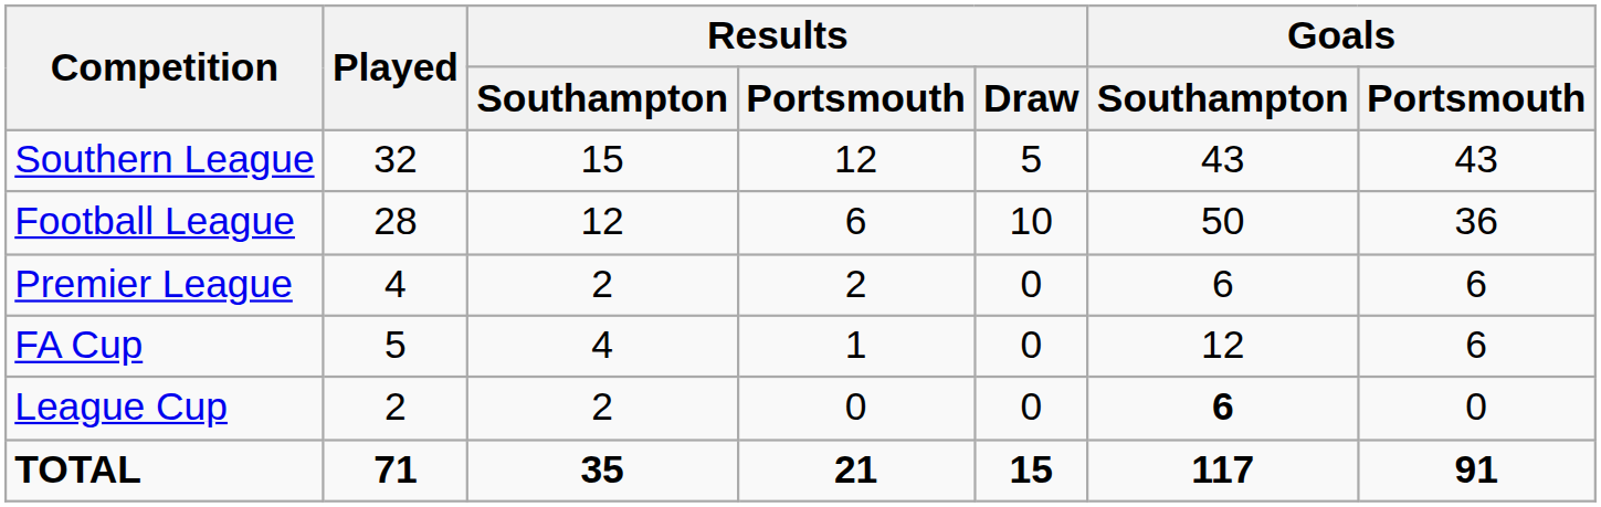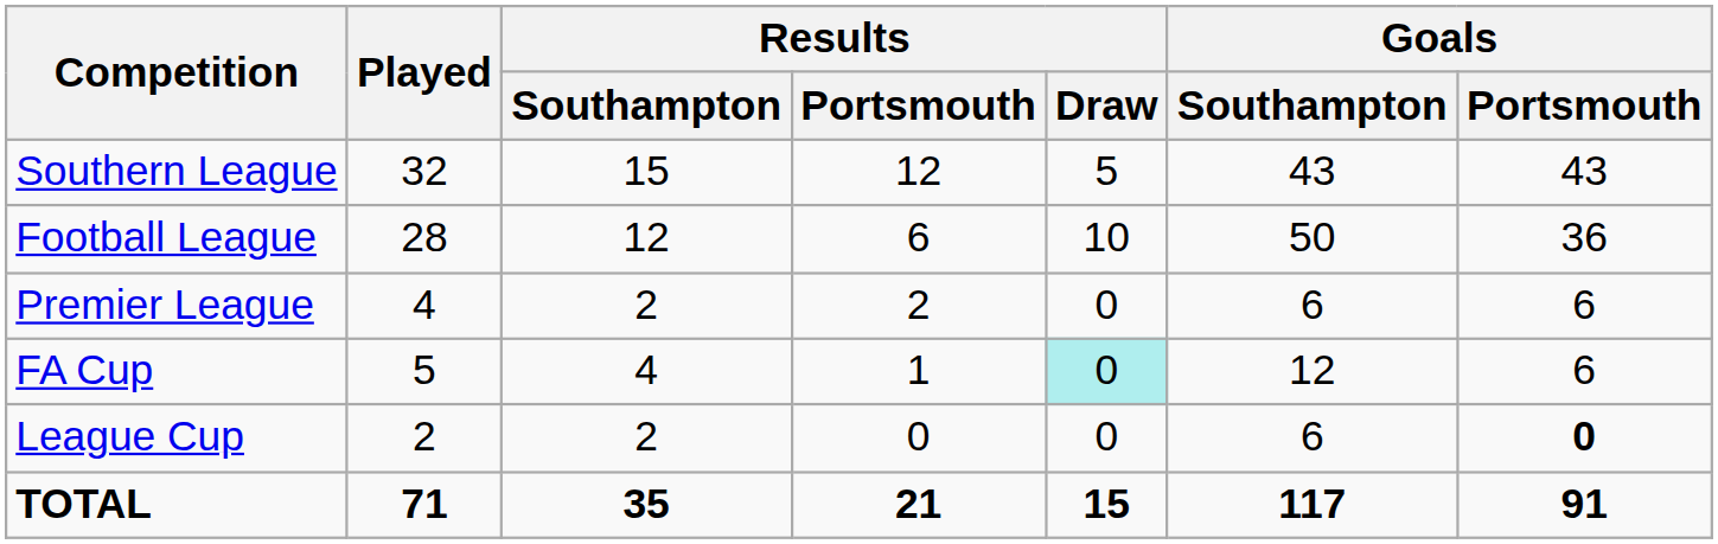 <table class="wikitable" style="text-align: center">
 <tr>
 <th rowspan="2">Competition</th>
 <th rowspan="2">Played</th>
 <th colspan="3">Results</th>
 <th colspan="2">Goals</th>
 </tr>
 <tr>
 <th>Southampton</th>
 <th>Portsmouth</th>
 <th>Draw</th>
 <th>Southampton</th>
 <th>Portsmouth</th>
 </tr>
 <tr>
 <td align=left><a href='#'>Southern League</a></td>
 <td>32</td>
 <td>15</td>
 <td>12</td>
 <td>5</td>
 <td>43</td>
 <td>43</td>
 </tr>
 <tr>
 <td align=left><a href='#'>Football League</a></td>
 <td>28</td>
 <td>12</td>
 <td>6</td>
 <td>10</td>
 <td>50</td>
 <td>36</td>
 </tr>
 <tr>
 <td align=left><a href='#'>Premier League</a></td>
 <td>4</td>
 <td>2</td>
 <td>2</td>
 <td>0</td>
 <td>6</td>
 <td>6</td>
 </tr>
 <tr>
 <td align=left><a href='#'>FA Cup</a></td>
 <td>5</td>
 <td>4</td>
 <td>1</td>
-<td>0</td>
+<td style="background: paleturquoise;">0</td>
 <td>12</td>
 <td>6</td>
 </tr>
 <tr>
 <td align=left><a href='#'>League Cup</a></td>
 <td>2</td>
 <td>2</td>
 <td>0</td>
 <td>0</td>
-<td><strong>6</strong></td>
-<td>0</td>
+<td>6</td>
+<td><strong>0</strong></td>
 </tr>
 <tr>
 <td align=left><strong>TOTAL</strong></td>
 <td><strong>71</strong></td>
 <td><strong>35</strong></td>
 <td><strong>21</strong></td>
 <td><strong>15</strong></td>
 <td><strong>117</strong></td>
 <td><strong>91</strong></td>
 </tr>
 </table>
